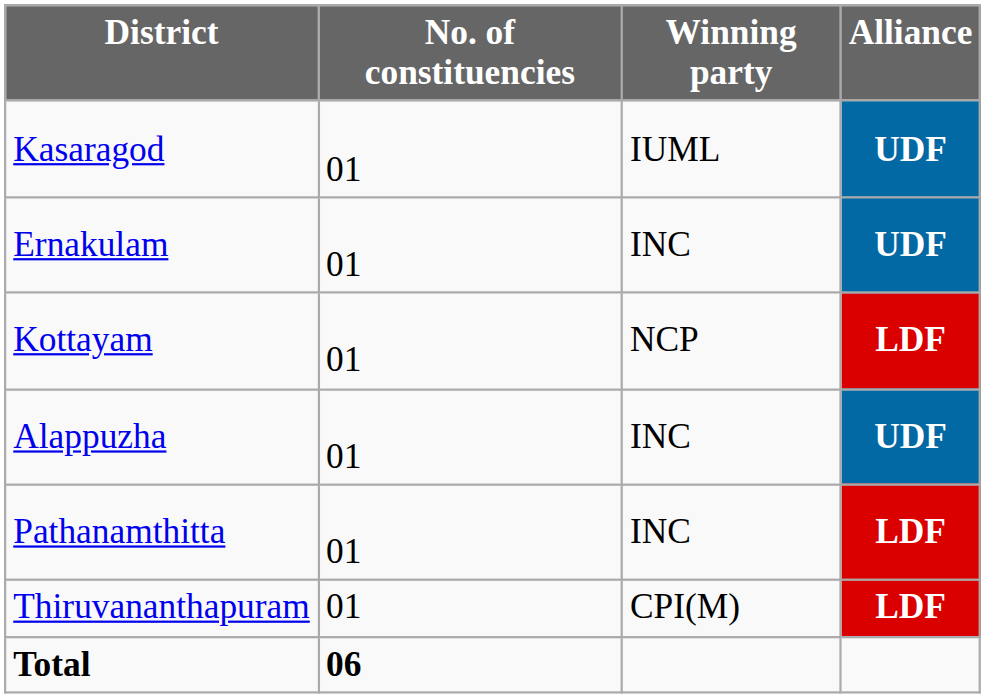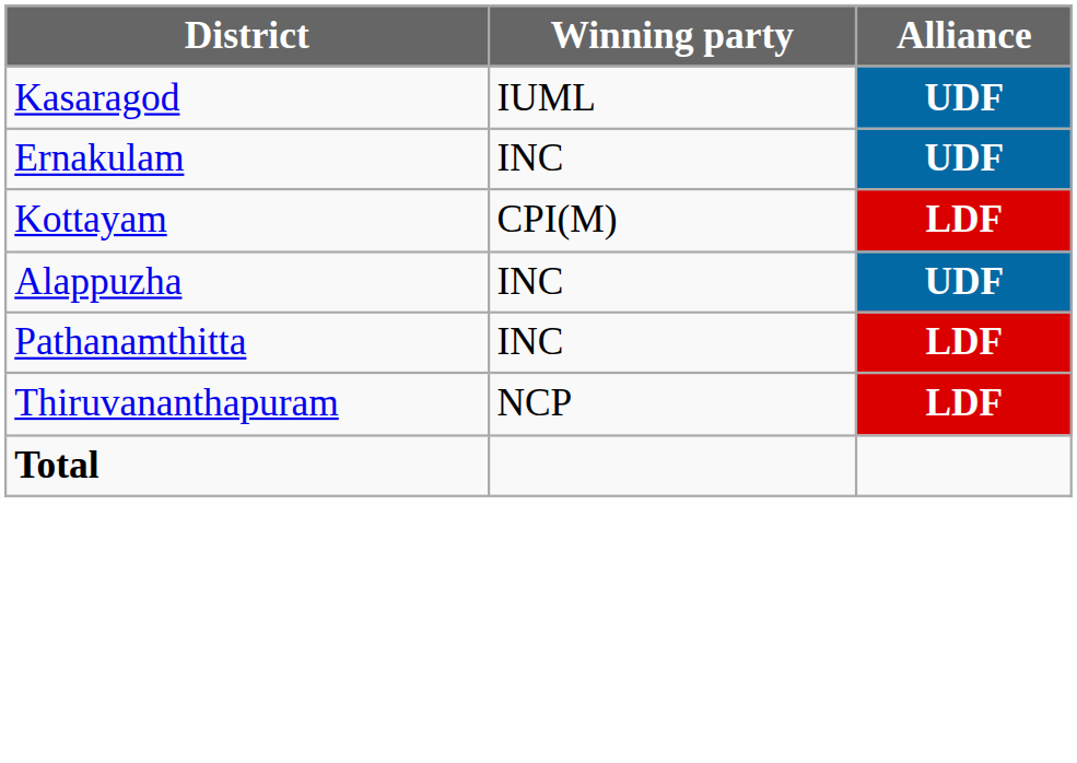 <table class="wikitable sortable collapsible" width="35%" style="font-size: x-big; font-family: verdana">
 <tr valign="top">
 <th style="background-color:#666666; color:white">District</th>
-<th style="background-color:#666666; color:white">No. of constituencies</th>
 <th style="background-color:#666666; color:white">Winning party</th>
 <th style="background-color:#666666; color:white">Alliance</th>
 </tr>
 <tr>
 <td><a href='#'>Kasaragod</a></td>
-<td><br>01</td>
 <td>IUML</td>
 <th style="background:#0269A4; color:white;">UDF</th>
 </tr>
 <tr>
 <td><a href='#'>Ernakulam</a></td>
-<td><br>01</td>
 <td>INC</td>
 <th style="background:#0269A4; color:white;">UDF</th>
 </tr>
 <tr>
 <td><a href='#'>Kottayam</a></td>
-<td><br>01</td>
-<td>NCP</td>
+<td>CPI(M)</td>
 <th style="background:#DB0000 ; color:white;">LDF</th>
 </tr>
 <tr>
 <td><a href='#'>Alappuzha</a></td>
-<td><br>01</td>
 <td>INC</td>
 <th style="background:#0269A4; color:white;">UDF</th>
 </tr>
 <tr>
 <td><a href='#'>Pathanamthitta</a></td>
-<td><br>01</td>
 <td>INC</td>
 <th style="background:#DB0000 ; color:white;">LDF</th>
 </tr>
 <tr>
 <td><a href='#'>Thiruvananthapuram</a></td>
-<td>01</td>
-<td>CPI(M)</td>
+<td>NCP</td>
 <th style="background:#DB0000 ; color:white;">LDF</th>
 </tr>
 <tr>
 <td><strong> Total </strong></td>
-<td><strong>06 </strong></td>
 <td></td>
 <td></td>
 </tr>
 </table>
